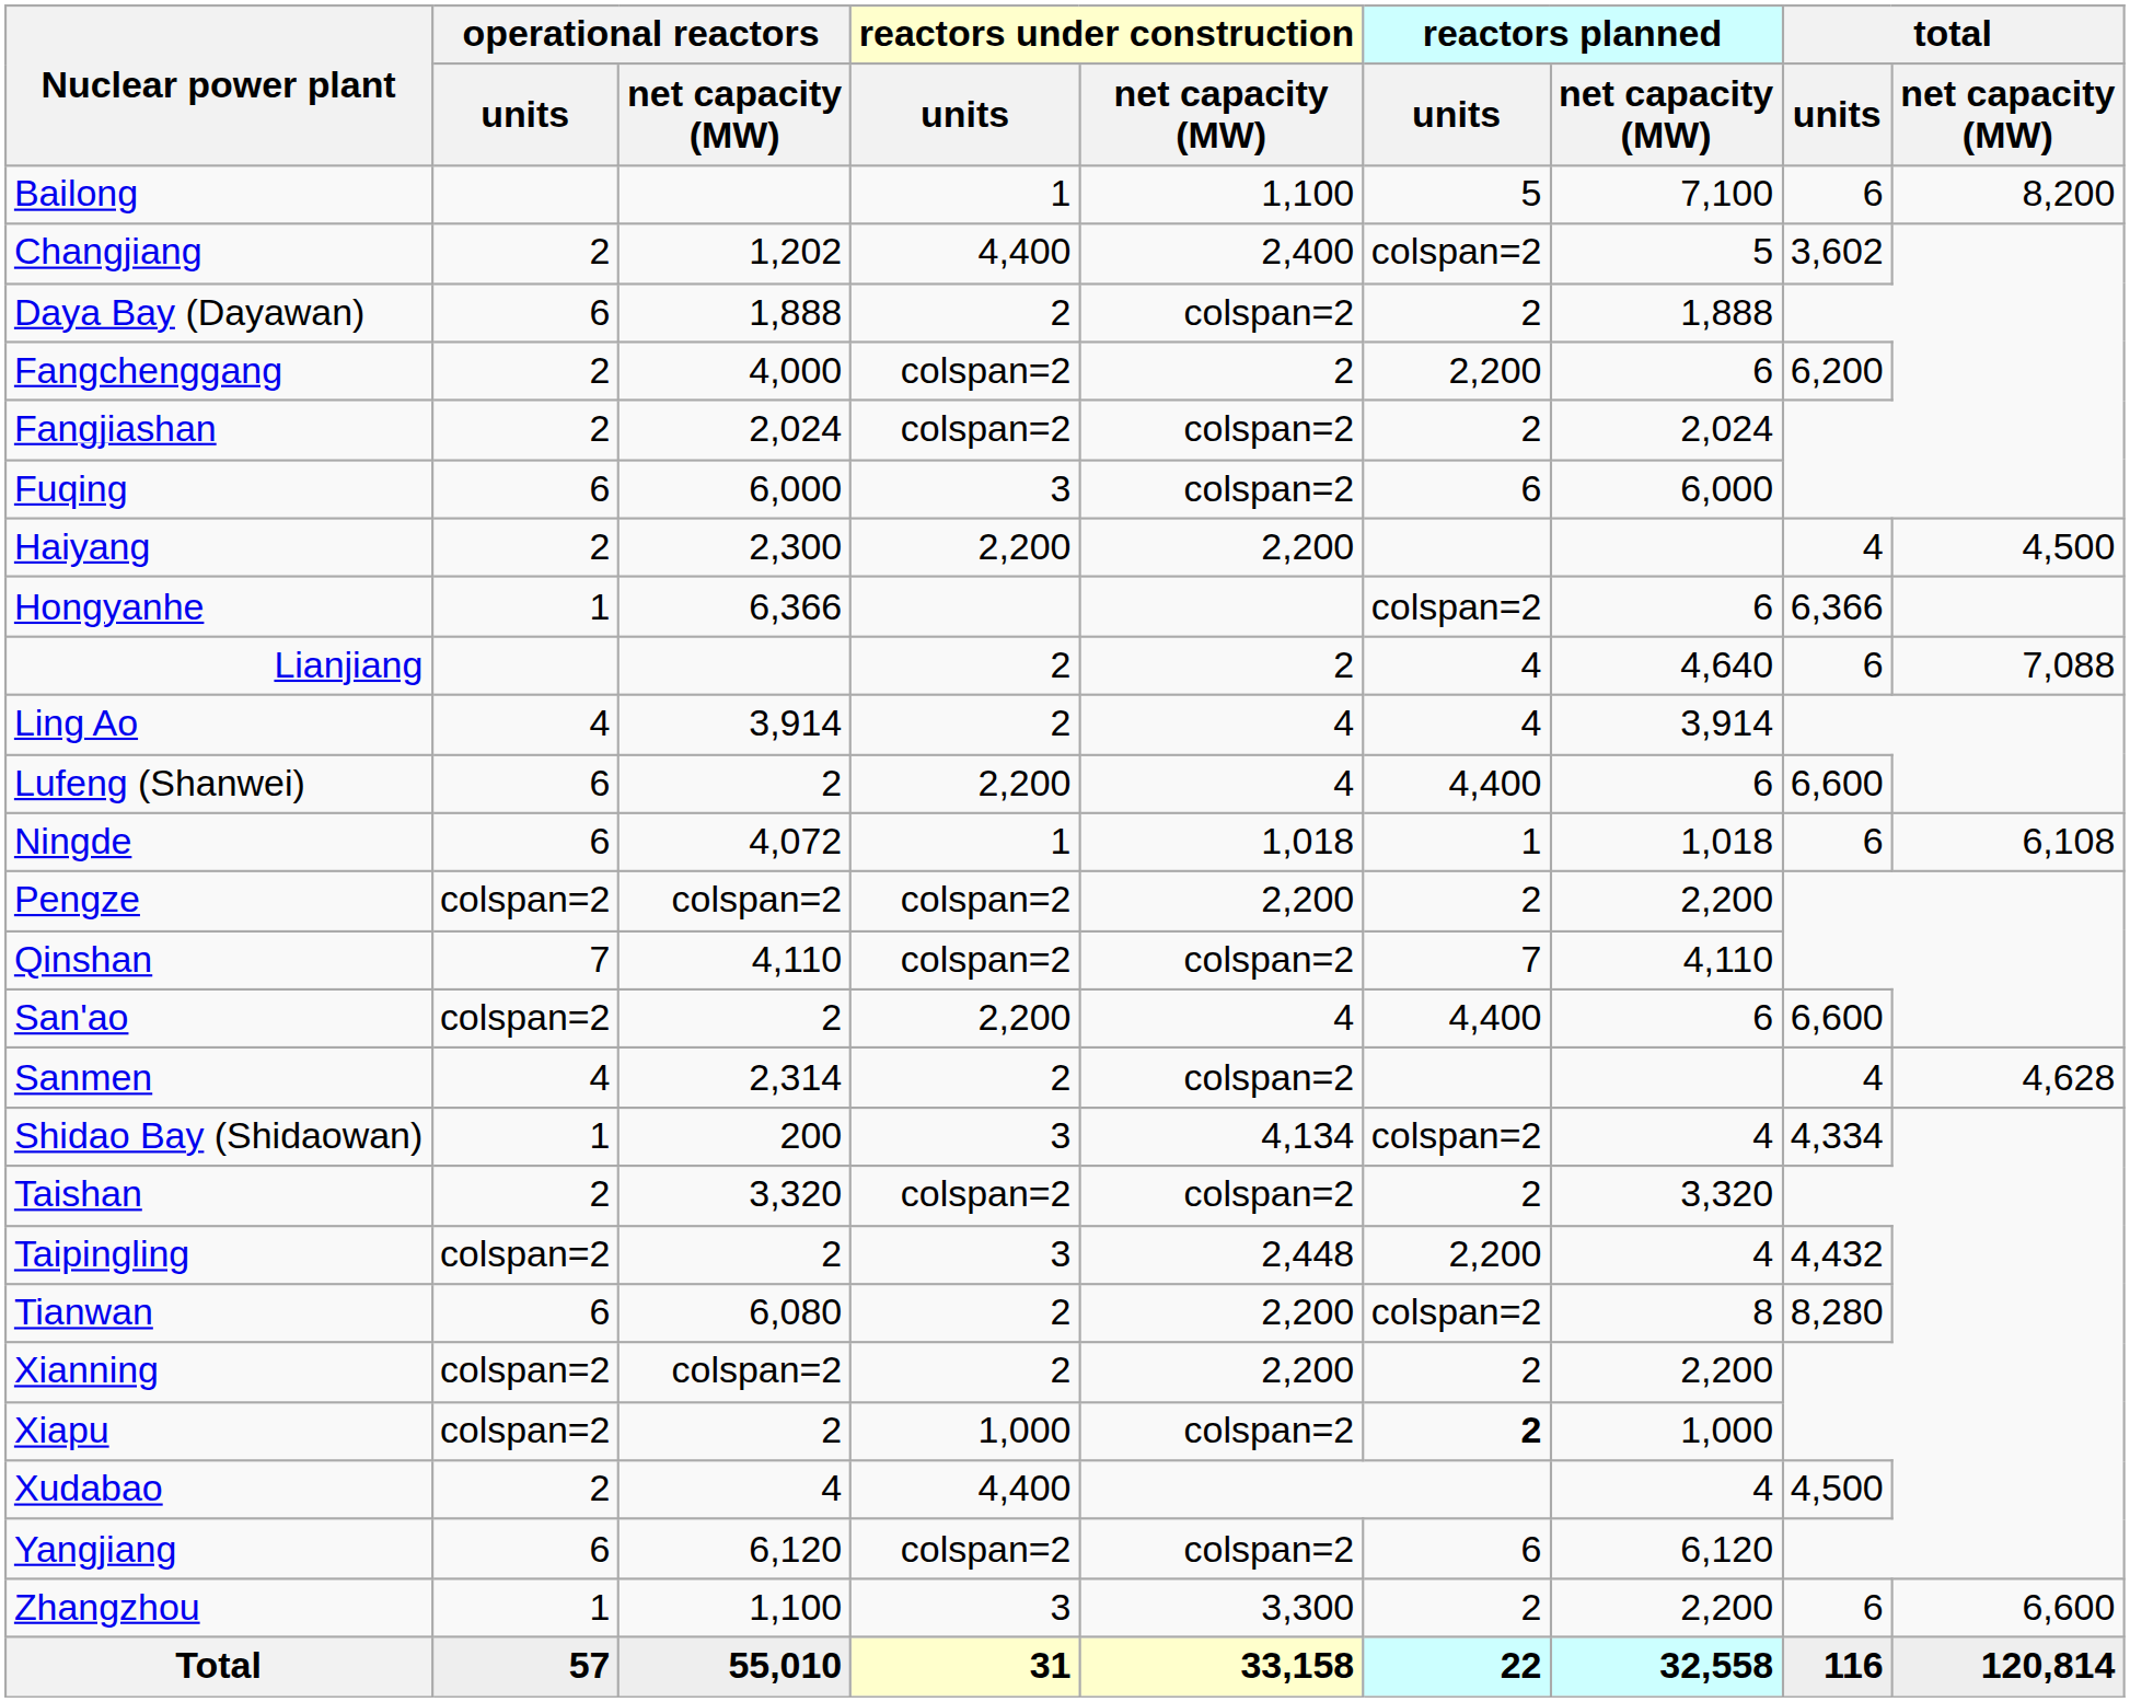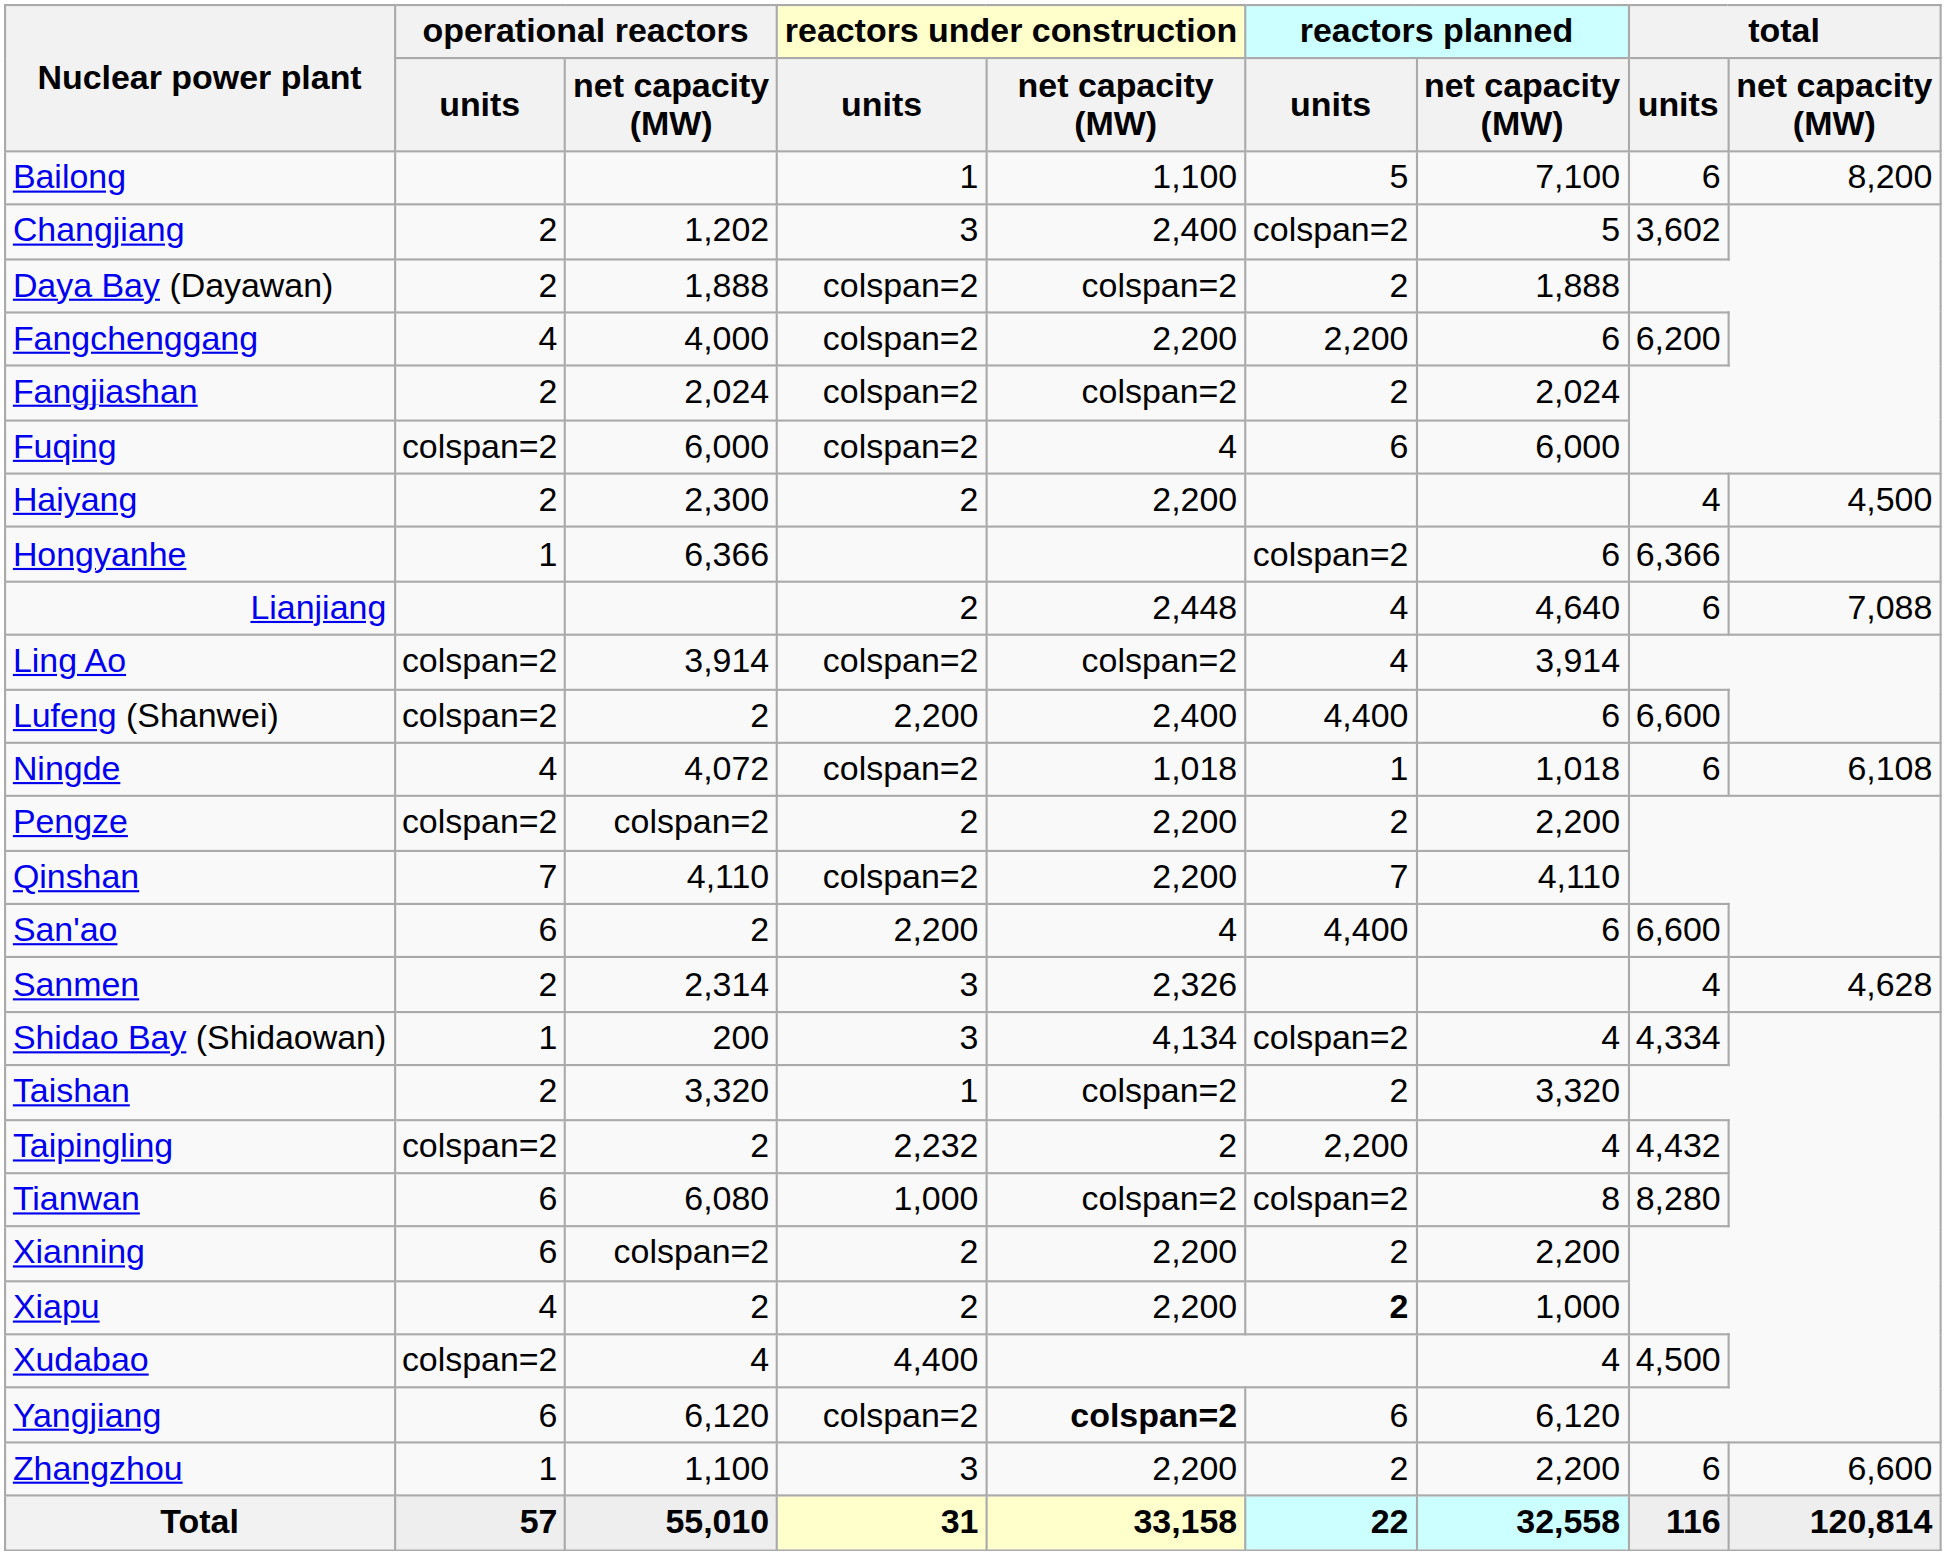 <table class="wikitable sortable mw-datatable" style="text-align:right">
 <tr>
 <th rowspan=2>Nuclear power plant</th>
 <th colspan="2">operational reactors</th>
 <th colspan="2" style="background:#FFFFCC">reactors under construction</th>
 <th colspan="2" style="background:#CCFFFF">reactors planned</th>
 <th colspan=2>total</th>
 </tr>
 <tr>
 <th>units</th>
 <th>net capacity<br> (MW)</th>
 <th>units</th>
 <th>net capacity<br> (MW)</th>
 <th>units</th>
 <th>net capacity<br> (MW)</th>
 <th>units</th>
 <th>net capacity<br> (MW)</th>
 </tr>
 <tr>
 <td align=left><a href='#'>Bailong</a></td>
 <td></td>
 <td></td>
 <td>1</td>
 <td>1,100</td>
 <td>5</td>
 <td>7,100</td>
 <td>6</td>
 <td>8,200</td>
 </tr>
 <tr>
 <td align=left><a href='#'>Changjiang</a></td>
 <td>2</td>
 <td>1,202</td>
-<td>4,400</td>
+<td>3</td>
 <td>2,400</td>
 <td>colspan=2 </td>
 <td>5</td>
 <td>3,602</td>
 </tr>
 <tr>
 <td align=left><a href='#'>Daya Bay</a> (Dayawan)</td>
-<td>6</td>
+<td>2</td>
 <td>1,888</td>
-<td>2</td>
+<td>colspan=2 </td>
 <td>colspan=2 </td>
 <td>2</td>
 <td>1,888</td>
 </tr>
 <tr>
 <td align=left><a href='#'>Fangchenggang</a></td>
-<td>2</td>
+<td>4</td>
 <td>4,000</td>
 <td>colspan=2 </td>
-<td>2</td>
+<td>2,200</td>
 <td>2,200</td>
 <td>6</td>
 <td>6,200</td>
 </tr>
 <tr>
 <td align=left><a href='#'>Fangjiashan</a></td>
 <td>2</td>
 <td>2,024</td>
 <td>colspan=2 </td>
 <td>colspan=2 </td>
 <td>2</td>
 <td>2,024</td>
 </tr>
 <tr>
 <td align=left><a href='#'>Fuqing</a></td>
-<td>6</td>
+<td>colspan=2 </td>
 <td>6,000</td>
-<td>3</td>
 <td>colspan=2 </td>
+<td>4</td>
 <td>6</td>
 <td>6,000</td>
 </tr>
 <tr>
 <td align=left><a href='#'>Haiyang</a></td>
 <td>2</td>
 <td>2,300</td>
-<td>2,200</td>
+<td>2</td>
 <td>2,200</td>
 <td></td>
 <td></td>
 <td>4</td>
 <td>4,500</td>
 </tr>
 <tr>
 <td align=left><a href='#'>Hongyanhe</a></td>
 <td>1</td>
 <td>6,366</td>
 <td></td>
 <td></td>
 <td>colspan=2 </td>
 <td>6</td>
 <td>6,366</td>
 </tr>
 <tr>
 <td><a href='#'>Lianjiang</a></td>
 <td></td>
 <td></td>
 <td>2</td>
-<td>2</td>
+<td>2,448</td>
 <td>4</td>
 <td>4,640</td>
 <td>6</td>
 <td>7,088</td>
 </tr>
 <tr>
 <td align=left><a href='#'>Ling Ao</a></td>
-<td>4</td>
+<td>colspan=2 </td>
 <td>3,914</td>
-<td>2</td>
-<td>4</td>
+<td>colspan=2 </td>
+<td>colspan=2 </td>
 <td>4</td>
 <td>3,914</td>
 </tr>
 <tr>
 <td align=left><a href='#'>Lufeng</a> (Shanwei)</td>
-<td>6</td>
+<td>colspan=2 </td>
 <td>2</td>
 <td>2,200</td>
-<td>4</td>
+<td>2,400</td>
 <td>4,400</td>
 <td>6</td>
 <td>6,600</td>
 </tr>
 <tr>
 <td align=left><a href='#'>Ningde</a></td>
-<td>6</td>
+<td>4</td>
 <td>4,072</td>
-<td>1</td>
+<td>colspan=2 </td>
 <td>1,018</td>
 <td>1</td>
 <td>1,018</td>
 <td>6</td>
 <td>6,108</td>
 </tr>
 <tr>
 <td align=left><a href='#'>Pengze</a></td>
 <td>colspan=2 </td>
 <td>colspan=2 </td>
-<td>colspan=2 </td>
+<td>2</td>
 <td>2,200</td>
 <td>2</td>
 <td>2,200</td>
 </tr>
 <tr>
 <td align=left><a href='#'>Qinshan</a></td>
 <td>7</td>
 <td>4,110</td>
 <td>colspan=2 </td>
-<td>colspan=2 </td>
+<td>2,200</td>
 <td>7</td>
 <td>4,110</td>
 </tr>
 <tr>
 <td align=left><a href='#'>San'ao</a></td>
-<td>colspan=2 </td>
+<td>6</td>
 <td>2</td>
 <td>2,200</td>
 <td>4</td>
 <td>4,400</td>
 <td>6</td>
 <td>6,600</td>
 </tr>
 <tr>
 <td align=left><a href='#'>Sanmen</a></td>
-<td>4</td>
+<td>2</td>
 <td>2,314</td>
-<td>2</td>
-<td>colspan=2 </td>
+<td>3</td>
+<td>2,326</td>
 <td></td>
 <td></td>
 <td>4</td>
 <td>4,628</td>
 </tr>
 <tr>
 <td align=left><a href='#'>Shidao Bay</a> (Shidaowan)</td>
 <td>1</td>
 <td>200</td>
 <td>3</td>
 <td>4,134</td>
 <td>colspan=2 </td>
 <td>4</td>
 <td>4,334</td>
 </tr>
 <tr>
 <td align=left><a href='#'>Taishan</a></td>
 <td>2</td>
 <td>3,320</td>
-<td>colspan=2 </td>
+<td>1</td>
 <td>colspan=2 </td>
 <td>2</td>
 <td>3,320</td>
 </tr>
 <tr>
 <td align=left><a href='#'>Taipingling</a></td>
 <td>colspan=2 </td>
 <td>2</td>
-<td>3</td>
-<td>2,448</td>
+<td>2,232</td>
+<td>2</td>
 <td>2,200</td>
 <td>4</td>
 <td>4,432</td>
 </tr>
 <tr>
 <td align=left><a href='#'>Tianwan</a></td>
 <td>6</td>
 <td>6,080</td>
-<td>2</td>
-<td>2,200</td>
+<td>1,000</td>
+<td>colspan=2 </td>
 <td>colspan=2 </td>
 <td>8</td>
 <td>8,280</td>
 </tr>
 <tr>
 <td align=left><a href='#'>Xianning</a></td>
-<td>colspan=2 </td>
+<td>6</td>
 <td>colspan=2 </td>
 <td>2</td>
 <td>2,200</td>
 <td>2</td>
 <td>2,200</td>
 </tr>
 <tr>
 <td align=left><a href='#'>Xiapu</a></td>
-<td>colspan=2 </td>
+<td>4</td>
 <td>2</td>
-<td>1,000</td>
-<td>colspan=2 </td>
+<td>2</td>
+<td>2,200</td>
 <td><strong>2</strong></td>
 <td>1,000</td>
 </tr>
 <tr>
 <td align=left><a href='#'>Xudabao</a></td>
-<td>2</td>
+<td>colspan=2 </td>
 <td>4</td>
 <td>4,400</td>
 <td colspan="2"></td>
 <td>4</td>
 <td>4,500</td>
 </tr>
 <tr>
 <td align=left><a href='#'>Yangjiang</a></td>
 <td>6</td>
 <td>6,120</td>
 <td>colspan=2 </td>
-<td>colspan=2 </td>
+<td><strong>colspan=2 </strong></td>
 <td>6</td>
 <td>6,120</td>
 </tr>
 <tr>
 <td align=left><a href='#'>Zhangzhou</a></td>
 <td>1</td>
 <td>1,100</td>
 <td>3</td>
-<td>3,300</td>
+<td>2,200</td>
 <td>2</td>
 <td>2,200</td>
 <td>6</td>
 <td>6,600</td>
 </tr>
 <tr class="sortbottom">
 <th>Total </th>
 <td style="background:#EEEEEE"><strong>57</strong></td>
 <td style="background:#EEEEEE"><strong>55,010</strong></td>
 <td style="background:#FFFFCC"><strong>31</strong></td>
 <td style="background:#FFFFCC"><strong>33,158</strong></td>
 <td style="background:#CCFFFF"><strong>22</strong></td>
 <td style="background:#CCFFFF"><strong>32,558</strong></td>
 <td style="background:#EEEEEE"><strong>116</strong></td>
 <td style="background:#EEEEEE"><strong>120,814</strong></td>
 </tr>
 </table>
